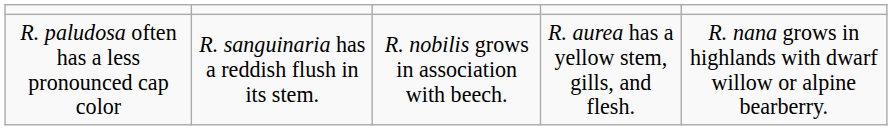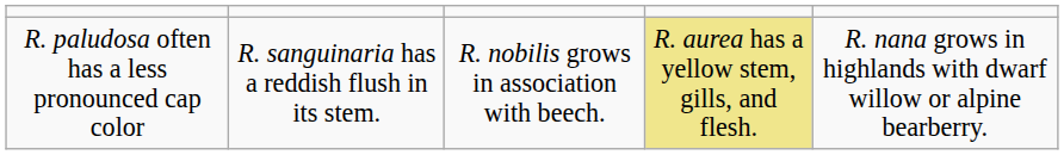 <table class="wikitable" style="width:640px; margin: 1em auto; text-align: center;">
 <tr>
 <td></td>
 <td></td>
 <td></td>
 <td></td>
 <td></td>
 </tr>
 <tr>
 <td><em>R. paludosa</em> often has a less pronounced cap color</td>
 <td><em>R. sanguinaria</em> has a reddish flush in its stem.</td>
 <td><em>R. nobilis</em> grows in association with beech.</td>
-<td><em>R. aurea</em> has a yellow stem, gills, and flesh.</td>
+<td style="background: khaki;"><em>R. aurea</em> has a yellow stem, gills, and flesh.</td>
 <td><em>R. nana</em> grows in highlands with dwarf willow or alpine bearberry.</td>
 </tr>
 </table>
